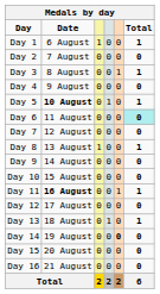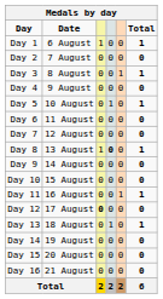 <table class="wikitable" style="font-size:85%">
 <tr align=center>
 <th colspan=7>Medals by day</th>
 </tr>
 <tr align=center>
 <td><strong>Day</strong></td>
 <td><strong>Date</strong></td>
 <td bgcolor=#f7f6a8></td>
 <td bgcolor=#dce5e5></td>
 <td bgcolor=#ffdab9></td>
 <td><strong>Total</strong></td>
 </tr>
 <tr align=center>
 <td>Day 1</td>
 <td>6 August</td>
 <td bgcolor=F7F6A8>1</td>
 <td bgcolor=DCE5E5>0</td>
 <td bgcolor=FFDAB9>0</td>
 <td><strong>1</strong></td>
 </tr>
 <tr align=center>
 <td>Day 2</td>
 <td>7 August</td>
 <td bgcolor=F7F6A8>0</td>
 <td bgcolor=DCE5E5>0</td>
 <td bgcolor=FFDAB9>0</td>
 <td><strong>0</strong></td>
 </tr>
 <tr align=center>
 <td>Day 3</td>
 <td>8 August</td>
 <td bgcolor=F7F6A8>0</td>
 <td bgcolor=DCE5E5>0</td>
 <td bgcolor=FFDAB9>1</td>
 <td><strong>1</strong></td>
 </tr>
 <tr align=center>
 <td>Day 4</td>
 <td>9 August</td>
 <td bgcolor=F7F6A8>0</td>
 <td bgcolor=DCE5E5>0</td>
 <td bgcolor=FFDAB9>0</td>
 <td><strong>0</strong></td>
 </tr>
 <tr align=center>
 <td>Day 5</td>
-<td><strong>10 August</strong></td>
+<td>10 August</td>
 <td bgcolor=F7F6A8>0</td>
 <td bgcolor=DCE5E5>1</td>
 <td bgcolor=FFDAB9>0</td>
 <td><strong>1</strong></td>
 </tr>
 <tr align=center>
 <td>Day 6</td>
 <td>11 August</td>
 <td bgcolor=F7F6A8>0</td>
 <td bgcolor=DCE5E5>0</td>
 <td bgcolor=FFDAB9>0</td>
-<td style="background: paleturquoise;"><strong>0</strong></td>
+<td><strong>0</strong></td>
 </tr>
 <tr align=center>
 <td>Day 7</td>
 <td>12 August</td>
 <td bgcolor=F7F6A8>0</td>
 <td bgcolor=DCE5E5>0</td>
 <td bgcolor=FFDAB9>0</td>
 <td><strong>0</strong></td>
 </tr>
 <tr align=center>
 <td>Day 8</td>
 <td>13 August</td>
 <td bgcolor=F7F6A8>1</td>
-<td bgcolor=DCE5E5>0</td>
+<td bgcolor=DCE5E5><strong>0</strong></td>
 <td bgcolor=FFDAB9>0</td>
 <td><strong>1</strong></td>
 </tr>
 <tr align=center>
 <td>Day 9</td>
 <td>14 August</td>
 <td bgcolor=F7F6A8>0</td>
 <td bgcolor=DCE5E5>0</td>
 <td bgcolor=FFDAB9>0</td>
 <td><strong>0</strong></td>
 </tr>
 <tr align=center>
 <td>Day 10</td>
 <td>15 August</td>
 <td bgcolor=F7F6A8>0</td>
 <td bgcolor=DCE5E5>0</td>
 <td bgcolor=FFDAB9>0</td>
 <td><strong>0</strong></td>
 </tr>
 <tr align=center>
 <td>Day 11</td>
-<td><strong>16 August</strong></td>
+<td>16 August</td>
 <td bgcolor=F7F6A8>0</td>
 <td bgcolor=DCE5E5>0</td>
 <td bgcolor=FFDAB9>1</td>
 <td><strong>1</strong></td>
 </tr>
 <tr align=center>
 <td>Day 12</td>
 <td>17 August</td>
-<td bgcolor=F7F6A8>0</td>
+<td bgcolor=F7F6A8><strong>0</strong></td>
 <td bgcolor=DCE5E5>0</td>
 <td bgcolor=FFDAB9>0</td>
 <td><strong>0</strong></td>
 </tr>
 <tr align=center>
 <td>Day 13</td>
 <td>18 August</td>
 <td bgcolor=F7F6A8>0</td>
 <td bgcolor=DCE5E5>1</td>
 <td bgcolor=FFDAB9>0</td>
 <td><strong>1</strong></td>
 </tr>
 <tr align=center>
 <td>Day 14</td>
 <td>19 August</td>
 <td bgcolor=F7F6A8>0</td>
 <td bgcolor=DCE5E5>0</td>
-<td bgcolor=FFDAB9><strong>0</strong></td>
+<td bgcolor=FFDAB9>0</td>
 <td><strong>0</strong></td>
 </tr>
 <tr align=center>
 <td>Day 15</td>
 <td>20 August</td>
 <td bgcolor=F7F6A8>0</td>
 <td bgcolor=DCE5E5>0</td>
 <td bgcolor=FFDAB9>0</td>
 <td><strong>0</strong></td>
 </tr>
 <tr align=center>
 <td>Day 16</td>
 <td>21 August</td>
 <td bgcolor=F7F6A8>0</td>
 <td bgcolor=DCE5E5>0</td>
 <td bgcolor=FFDAB9>0</td>
 <td><strong>0</strong></td>
 </tr>
 <tr align=center>
 <th colspan=2>Total</th>
 <th style="background:gold">2</th>
 <th style="background:silver">2</th>
 <th style="background:#c96">2</th>
 <th>6</th>
 </tr>
 </table>
